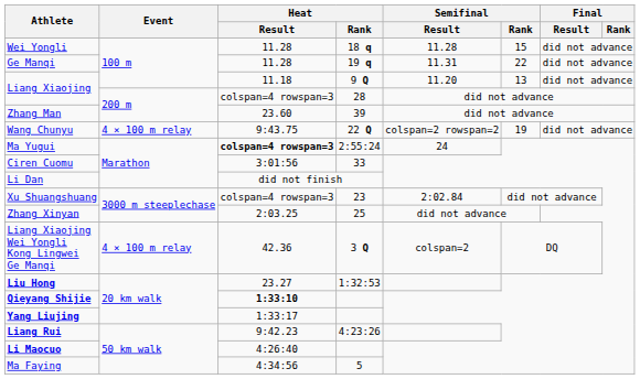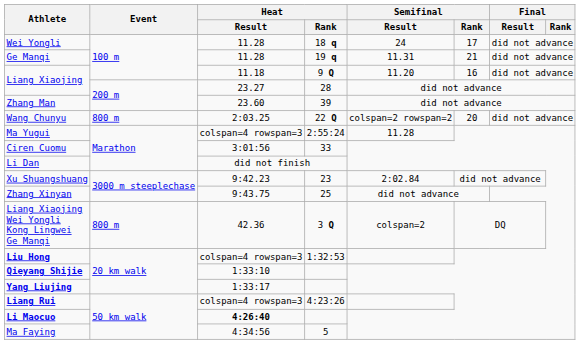 <table class="wikitable"  style=font-size:90%>
 <tr>
 <th rowspan="2">Athlete</th>
 <th rowspan="2">Event</th>
 <th colspan="2">Heat</th>
 <th colspan="2">Semifinal</th>
 <th colspan="2">Final</th>
 </tr>
 <tr>
 <th>Result</th>
 <th>Rank</th>
 <th>Result</th>
 <th>Rank</th>
 <th>Result</th>
 <th>Rank</th>
 </tr>
 <tr style=text-align:center>
 <td style=text-align:left><a href='#'>Wei Yongli</a></td>
 <td style=text-align:left rowspan=3><a href='#'>100 m</a></td>
 <td>11.28</td>
 <td>18 <strong>q</strong></td>
-<td>11.28</td>
-<td>15</td>
+<td>24</td>
+<td>17</td>
 <td colspan=2>did not advance</td>
 </tr>
 <tr style=text-align:center>
 <td style=text-align:left><a href='#'>Ge Manqi</a></td>
 <td>11.28</td>
 <td>19 <strong>q</strong></td>
 <td>11.31</td>
-<td>22</td>
+<td>21</td>
 <td colspan=2>did not advance</td>
 </tr>
 <tr style=text-align:center>
 <td style=text-align:left rowspan=2><a href='#'>Liang Xiaojing</a></td>
 <td>11.18</td>
 <td>9 <strong>Q</strong></td>
 <td>11.20</td>
-<td>13</td>
+<td>16</td>
 <td colspan=2>did not advance</td>
 </tr>
 <tr style=text-align:center>
 <td style=text-align:left rowspan=2><a href='#'>200 m</a></td>
-<td>colspan=4 rowspan=3</td>
+<td>23.27</td>
 <td>28</td>
 <td colspan=4>did not advance</td>
 </tr>
 <tr style=text-align:center>
 <td style=text-align:left><a href='#'>Zhang Man</a></td>
 <td>23.60</td>
 <td>39</td>
 <td colspan=4>did not advance</td>
 </tr>
 <tr style=text-align:center>
 <td style=text-align:left><a href='#'>Wang Chunyu</a></td>
-<td style=text-align:left><a href='#'>4 × 100 m relay</a></td>
-<td>9:43.75</td>
+<td style=text-align:left><a href='#'>800 m</a></td>
+<td>2:03.25</td>
 <td>22 <strong>Q</strong></td>
 <td>colspan=2 rowspan=2</td>
-<td>19</td>
+<td>20</td>
 <td colspan=2>did not advance</td>
 </tr>
 <tr style=text-align:center>
 <td style=text-align:left><a href='#'>Ma Yugui</a></td>
 <td style=text-align:left rowspan=3><a href='#'>Marathon</a></td>
-<td><strong>colspan=4 rowspan=3</strong></td>
+<td>colspan=4 rowspan=3</td>
 <td>2:55:24</td>
-<td>24</td>
+<td>11.28</td>
 </tr>
 <tr style=text-align:center>
 <td style=text-align:left><a href='#'>Ciren Cuomu</a></td>
 <td>3:01:56</td>
 <td>33</td>
 </tr>
 <tr style=text-align:center>
 <td style=text-align:left><a href='#'>Li Dan</a></td>
 <td colspan=2>did not finish</td>
 </tr>
 <tr style=text-align:center>
 <td style=text-align:left><a href='#'>Xu Shuangshuang</a></td>
 <td style=text-align:left rowspan=2><a href='#'>3000 m steeplechase</a></td>
-<td>colspan=4 rowspan=3</td>
+<td>9:42.23</td>
 <td>23</td>
 <td>2:02.84</td>
 <td colspan=2>did not advance</td>
 </tr>
 <tr style=text-align:center>
 <td style=text-align:left><a href='#'>Zhang Xinyan</a></td>
-<td>2:03.25</td>
+<td>9:43.75</td>
 <td>25</td>
 <td colspan=2>did not advance</td>
 </tr>
 <tr style=text-align:center>
 <td style=text-align:left><a href='#'>Liang Xiaojing</a><br><a href='#'>Wei Yongli</a><br> <a href='#'>Kong Lingwei</a><br> <a href='#'>Ge Manqi</a></td>
-<td style=text-align:left><a href='#'>4 × 100 m relay</a></td>
+<td style=text-align:left><a href='#'>800 m</a></td>
 <td>42.36</td>
 <td>3 <strong>Q</strong></td>
 <td>colspan=2</td>
 <td colspan=2>DQ</td>
 </tr>
 <tr style=text-align:center>
 <td style=text-align:left><strong><a href='#'>Liu Hong</a></strong></td>
 <td style=text-align:left rowspan=3><a href='#'>20 km walk</a></td>
-<td>23.27</td>
+<td>colspan=4 rowspan=3</td>
 <td>1:32:53</td>
 <td></td>
 </tr>
 <tr style=text-align:center>
 <td style=text-align:left><strong><a href='#'>Qieyang Shijie</a></strong></td>
-<td><strong>1:33:10</strong></td>
+<td>1:33:10</td>
 <td></td>
 </tr>
 <tr style=text-align:center>
 <td style=text-align:left><strong><a href='#'>Yang Liujing</a></strong></td>
 <td>1:33:17</td>
 <td></td>
 </tr>
 <tr style=text-align:center>
 <td style=text-align:left><strong><a href='#'>Liang Rui</a></strong></td>
 <td style=text-align:left rowspan=3><a href='#'>50 km walk</a></td>
-<td>9:42.23</td>
+<td>colspan=4 rowspan=3</td>
 <td>4:23:26</td>
 <td></td>
 </tr>
 <tr style=text-align:center>
 <td style=text-align:left><strong><a href='#'>Li Maocuo</a></strong></td>
-<td>4:26:40</td>
+<td><strong>4:26:40</strong></td>
 <td></td>
 </tr>
 <tr style=text-align:center>
 <td style=text-align:left><a href='#'>Ma Faying</a></td>
 <td>4:34:56</td>
 <td>5</td>
 </tr>
 </table>
